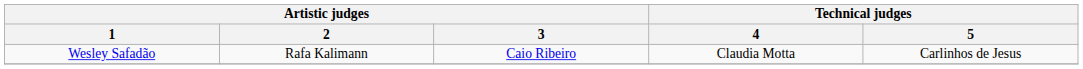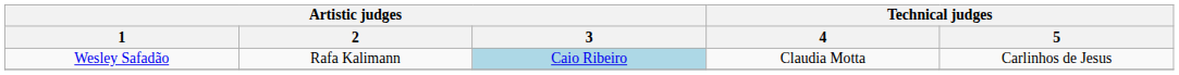 <table class="wikitable" style="font-size:100%; line-height:16px; text-align:center" width="100%">
 <tr TBA>
 <th colspan=3>Artistic judges</th>
 <th colspan=2>Technical judges</th>
 </tr>
 <tr>
 <th width="20.0%">1</th>
 <th width="20.0%">2</th>
 <th width="20.0%">3</th>
 <th width="20.0%">4</th>
 <th width="20.0%">5</th>
 </tr>
 <tr>
 <td><a href='#'>Wesley Safadão</a></td>
 <td>Rafa Kalimann</td>
-<td><a href='#'>Caio Ribeiro</a></td>
+<td style="background: lightblue;"><a href='#'>Caio Ribeiro</a></td>
 <td>Claudia Motta</td>
 <td>Carlinhos de Jesus</td>
 </tr>
 <tr>
 </tr>
 </table>
